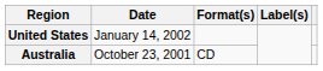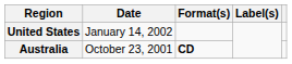 <table class="wikitable plainrowheaders">
 <tr>
 <th scope="col">Region</th>
 <th scope="col">Date</th>
 <th scope="col">Format(s)</th>
 <th scope="col">Label(s)</th>
 <th scope="col"></th>
 </tr>
 <tr>
 <th scope="row">United States</th>
 <td>January 14, 2002</td>
 <td></td>
 <td rowspan="2"></td>
 <td></td>
 </tr>
 <tr>
 <th scope="row">Australia</th>
 <td>October 23, 2001</td>
-<td>CD</td>
+<td><strong>CD</strong></td>
 <td></td>
 </tr>
 </table>
